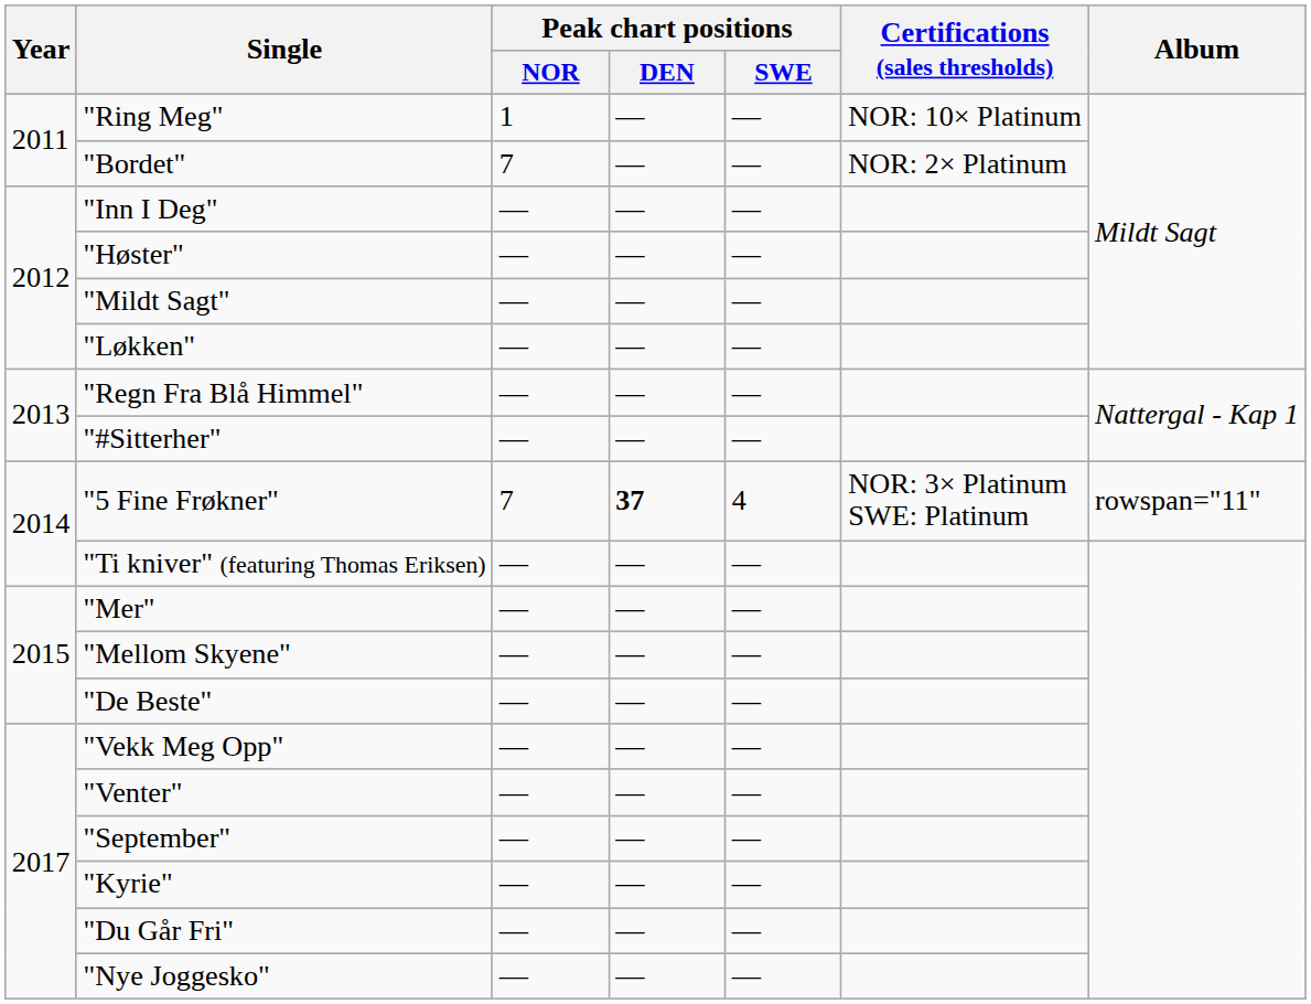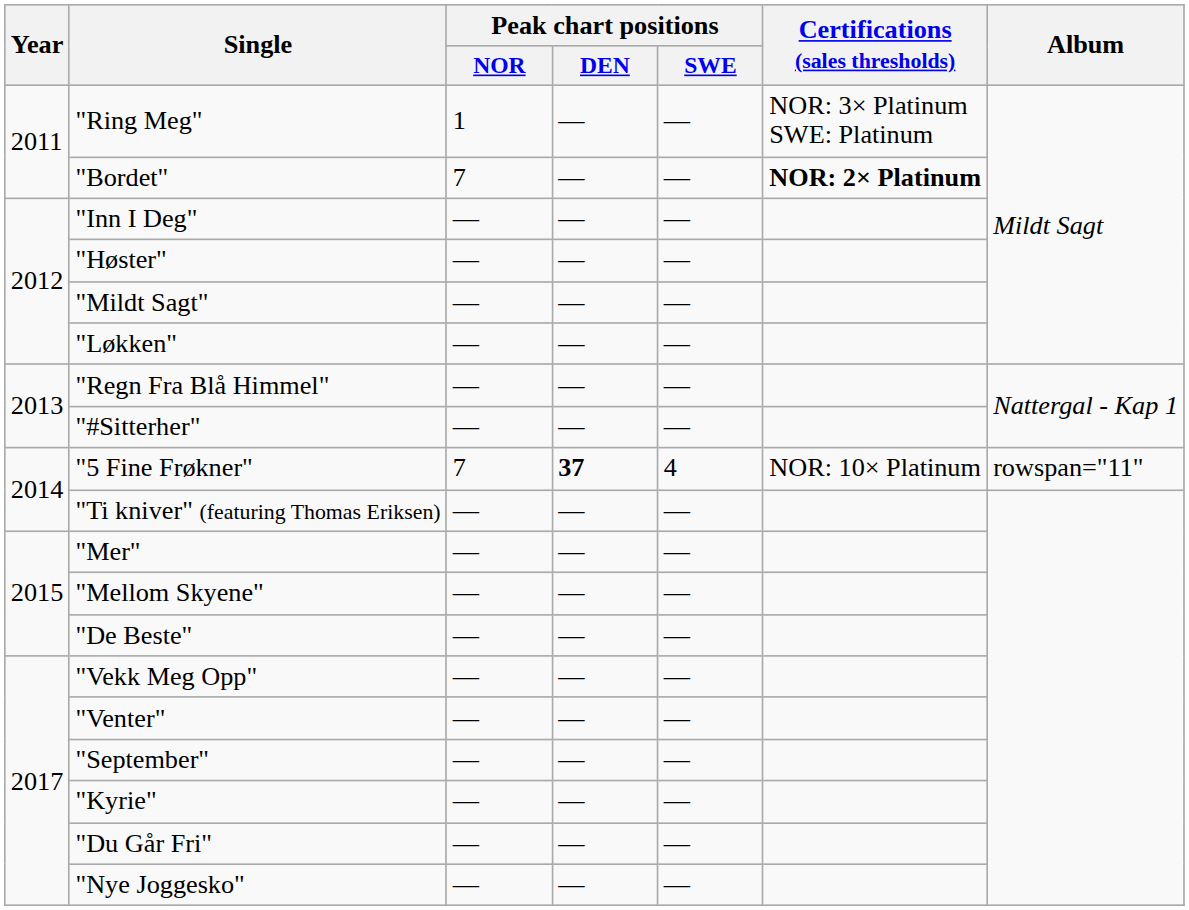 <table class="wikitable plainrowheaders">
 <tr>
 <th scope="col" rowspan="2">Year</th>
 <th scope="col" rowspan="2">Single</th>
 <th scope="col" colspan="3">Peak chart positions</th>
 <th scope="col" rowspan="2"><a href='#'>Certifications</a><br><small><a href='#'>(sales thresholds)</a></small></th>
 <th scope="col" rowspan="2">Album</th>
 </tr>
 <tr>
 <th scope="col" style="width:4em;font-size:90%;"><a href='#'>NOR</a><br></th>
 <th scope="col" style="width:4em;font-size:90%;"><a href='#'>DEN</a></th>
 <th scope="col" style="width:4em;font-size:90%;"><a href='#'>SWE</a></th>
 </tr>
 <tr>
 <td rowspan="2">2011</td>
 <td>"Ring Meg"</td>
 <td>1</td>
 <td>—</td>
 <td>—</td>
-<td>NOR: 10× Platinum</td>
+<td>NOR: 3× Platinum<br>SWE: Platinum</td>
 <td rowspan="6"><em>Mildt Sagt</em></td>
 </tr>
 <tr>
 <td>"Bordet"</td>
 <td>7</td>
 <td>—</td>
 <td>—</td>
-<td>NOR: 2× Platinum</td>
+<td><strong>NOR: 2× Platinum</strong></td>
 </tr>
 <tr>
 <td rowspan="4">2012</td>
 <td>"Inn I Deg"</td>
 <td>—</td>
 <td>—</td>
 <td>—</td>
 <td></td>
 </tr>
 <tr>
 <td>"Høster"</td>
 <td>—</td>
 <td>—</td>
 <td>—</td>
 <td></td>
 </tr>
 <tr>
 <td>"Mildt Sagt"</td>
 <td>—</td>
 <td>—</td>
 <td>—</td>
 <td></td>
 </tr>
 <tr>
 <td>"Løkken"</td>
 <td>—</td>
 <td>—</td>
 <td>—</td>
 <td></td>
 </tr>
 <tr>
 <td rowspan="2">2013</td>
 <td>"Regn Fra Blå Himmel"</td>
 <td>—</td>
 <td>—</td>
 <td>—</td>
 <td></td>
 <td rowspan="2"><em>Nattergal - Kap 1</em></td>
 </tr>
 <tr>
 <td>"#Sitterher"</td>
 <td>—</td>
 <td>—</td>
 <td>—</td>
 <td></td>
 </tr>
 <tr>
 <td rowspan="2">2014</td>
 <td>"5 Fine Frøkner"</td>
 <td>7</td>
 <td><strong>37<br></strong></td>
 <td>4<br></td>
-<td>NOR: 3× Platinum<br>SWE: Platinum</td>
+<td>NOR: 10× Platinum</td>
 <td>rowspan="11" </td>
 </tr>
 <tr>
 <td>"Ti kniver" <small>(featuring Thomas Eriksen)</small></td>
 <td>—</td>
 <td>—</td>
 <td>—</td>
 <td></td>
 </tr>
 <tr>
 <td rowspan="3">2015</td>
 <td>"Mer"</td>
 <td>—</td>
 <td>—</td>
 <td>—</td>
 <td></td>
 </tr>
 <tr>
 <td>"Mellom Skyene"</td>
 <td>—</td>
 <td>—</td>
 <td>—</td>
 <td></td>
 </tr>
 <tr>
 <td>"De Beste"</td>
 <td>—</td>
 <td>—</td>
 <td>—</td>
 <td></td>
 </tr>
 <tr>
 <td rowspan="6">2017</td>
 <td>"Vekk Meg Opp"</td>
 <td>—</td>
 <td>—</td>
 <td>—</td>
 <td></td>
 </tr>
 <tr>
 <td>"Venter"</td>
 <td>—</td>
 <td>—</td>
 <td>—</td>
 <td></td>
 </tr>
 <tr>
 <td>"September"</td>
 <td>—</td>
 <td>—</td>
 <td>—</td>
 <td></td>
 </tr>
 <tr>
 <td>"Kyrie"</td>
 <td>—</td>
 <td>—</td>
 <td>—</td>
 <td></td>
 </tr>
 <tr>
 <td>"Du Går Fri"</td>
 <td>—</td>
 <td>—</td>
 <td>—</td>
 <td></td>
 </tr>
 <tr>
 <td>"Nye Joggesko"</td>
 <td>—</td>
 <td>—</td>
 <td>—</td>
 <td></td>
 </tr>
 </table>
